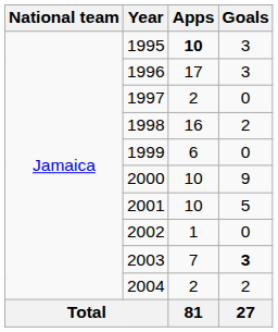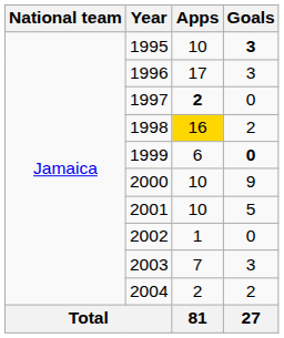 <table class="wikitable" style="text-align:center">
 <tr>
 <th>National team</th>
 <th>Year</th>
 <th>Apps</th>
 <th>Goals</th>
 </tr>
 <tr>
 <td rowspan="10"><a href='#'>Jamaica</a></td>
 <td>1995</td>
-<td><strong>10</strong></td>
-<td>3</td>
+<td>10</td>
+<td><strong>3</strong></td>
 </tr>
 <tr>
 <td>1996</td>
 <td>17</td>
 <td>3</td>
 </tr>
 <tr>
 <td>1997</td>
-<td>2</td>
+<td><strong>2</strong></td>
 <td>0</td>
 </tr>
 <tr>
 <td>1998</td>
-<td>16</td>
+<td style="background: gold;">16</td>
 <td>2</td>
 </tr>
 <tr>
 <td>1999</td>
 <td>6</td>
-<td>0</td>
+<td><strong>0</strong></td>
 </tr>
 <tr>
 <td>2000</td>
 <td>10</td>
 <td>9</td>
 </tr>
 <tr>
 <td>2001</td>
 <td>10</td>
 <td>5</td>
 </tr>
 <tr>
 <td>2002</td>
 <td>1</td>
 <td>0</td>
 </tr>
 <tr>
 <td>2003</td>
 <td>7</td>
-<td><strong>3</strong></td>
+<td>3</td>
 </tr>
 <tr>
 <td>2004</td>
 <td>2</td>
 <td>2</td>
 </tr>
 <tr>
 <th colspan="2">Total</th>
 <th>81</th>
 <th>27</th>
 </tr>
 </table>
